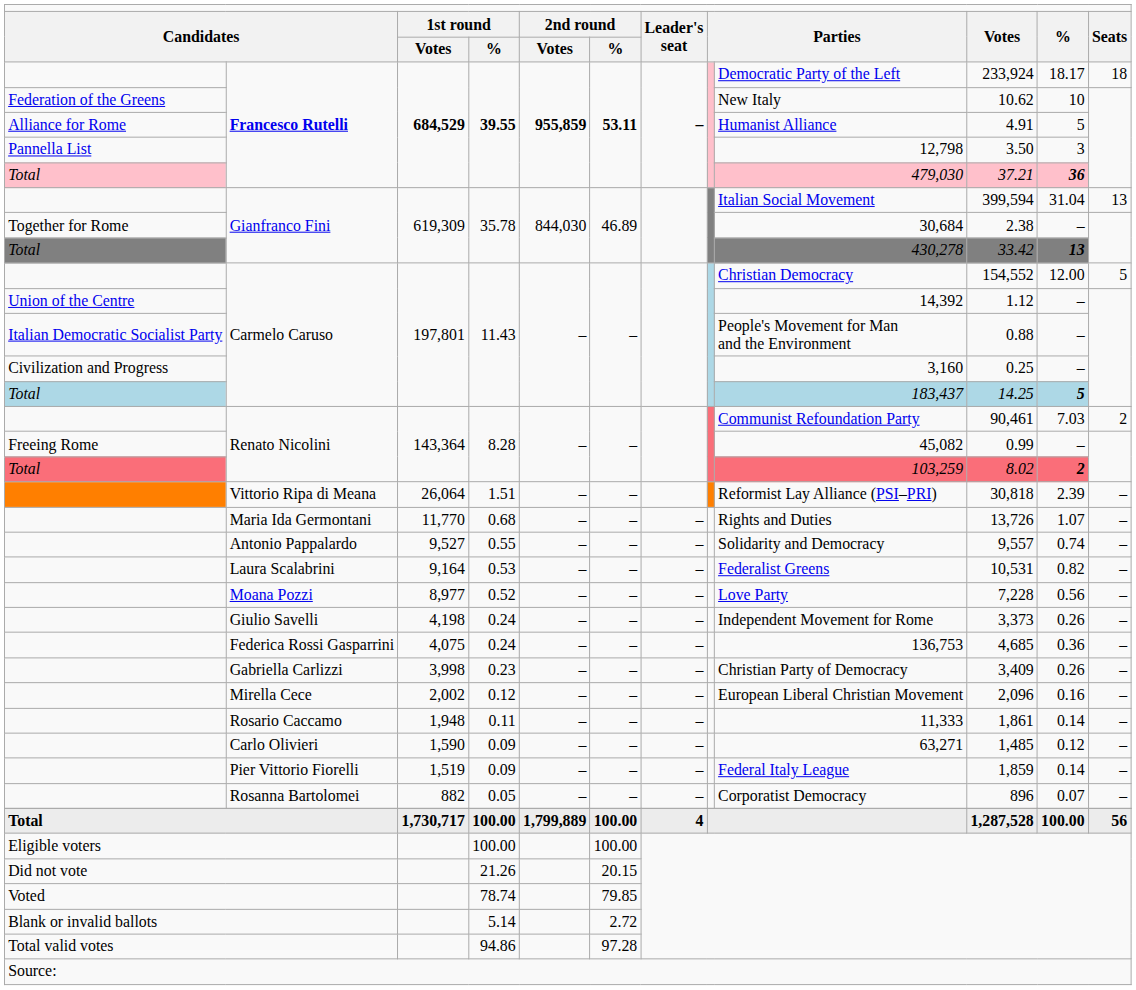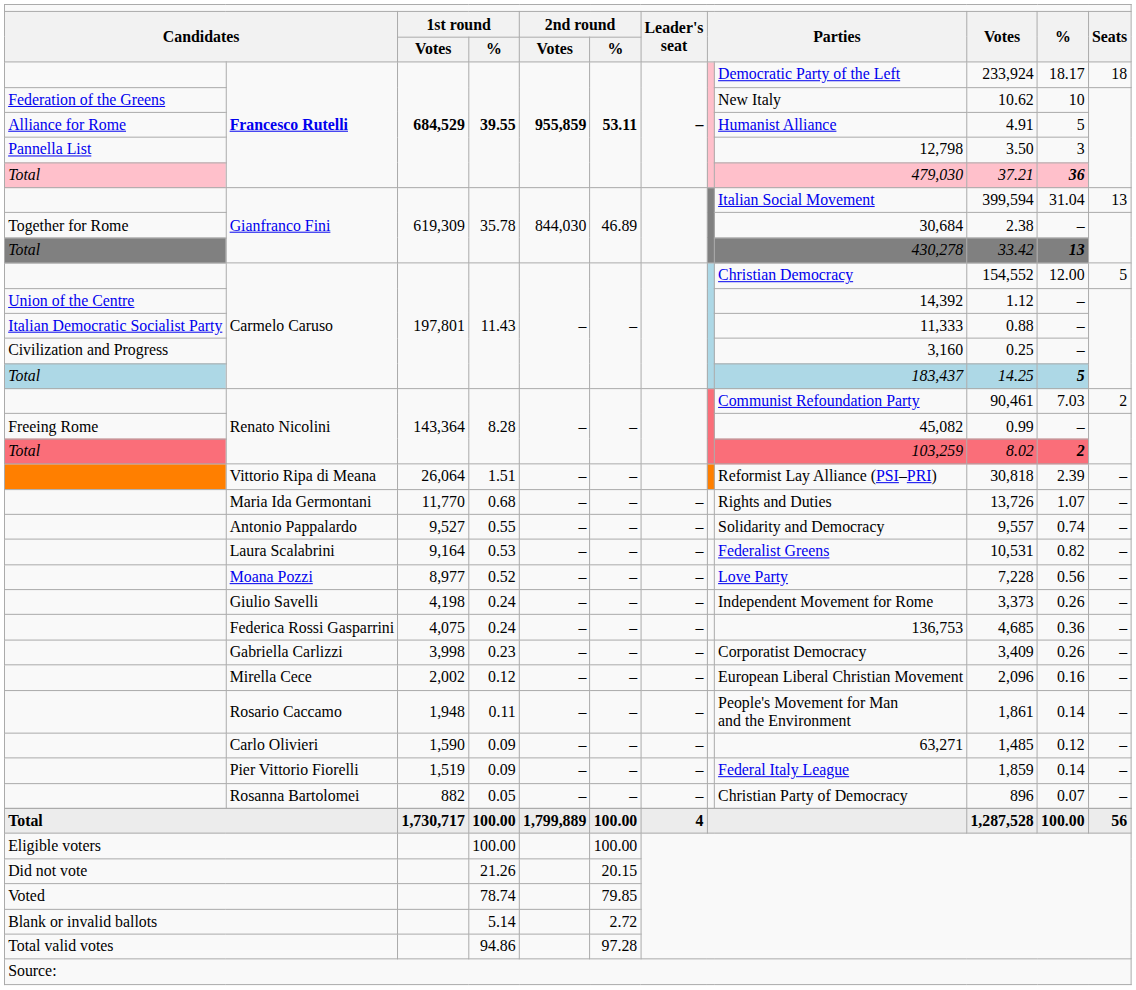 <table class="wikitable" style="text-align:left">
 <tr>
 <td colspan="12"></td>
 </tr>
 <tr>
 <th rowspan=2 colspan="2">Candidates</th>
 <th colspan=2>1st round</th>
 <th colspan=2>2nd round</th>
 <th rowspan=2>Leader's<br>seat</th>
 <th rowspan=2 colspan=2>Parties</th>
 <th rowspan=2>Votes</th>
 <th rowspan=2>%</th>
 <th rowspan=2>Seats</th>
 </tr>
 <tr>
 <th>Votes</th>
 <th>%</th>
 <th>Votes</th>
 <th>%</th>
 </tr>
 <tr>
 <td></td>
 <td rowspan=5><strong><a href='#'>Francesco Rutelli</a></strong></td>
 <td rowspan=5 align=right><strong>684,529</strong></td>
 <td rowspan=5 align=right><strong>39.55</strong></td>
 <td rowspan=5 align=right><strong>955,859</strong></td>
 <td rowspan=5 align=right><strong>53.11</strong></td>
 <td rowspan=5 align=right><strong>–</strong></td>
 <td rowspan=5 bgcolor="pink"></td>
 <td><a href='#'>Democratic Party of the Left</a></td>
 <td align=right>233,924</td>
 <td align=right>18.17</td>
 <td align=right>18</td>
 </tr>
 <tr>
 <td><a href='#'>Federation of the Greens</a></td>
 <td>New Italy</td>
 <td align=right>10.62</td>
 <td align=right>10</td>
 </tr>
 <tr>
 <td><a href='#'>Alliance for Rome</a></td>
 <td><a href='#'>Humanist Alliance</a></td>
 <td align=right>4.91</td>
 <td align=right>5</td>
 </tr>
 <tr>
 <td><a href='#'>Pannella List</a></td>
 <td align=right>12,798</td>
 <td align=right>3.50</td>
 <td align=right>3</td>
 </tr>
 <tr>
 <td bgcolor="pink"><em>Total</em></td>
 <td bgcolor="pink" align=right><em>479,030</em></td>
 <td bgcolor="pink" align=right><em>37.21</em></td>
 <td bgcolor="pink" align=right><strong><em>36</em></strong></td>
 </tr>
 <tr>
 <td></td>
 <td rowspan=3><a href='#'>Gianfranco Fini</a></td>
 <td rowspan=3 align=right>619,309</td>
 <td rowspan=3 align=right>35.78</td>
 <td rowspan=3 align=right>844,030</td>
 <td rowspan=3 align=right>46.89</td>
 <td rowspan=3 align=right></td>
 <td rowspan=3 bgcolor="grey"></td>
 <td><a href='#'>Italian Social Movement</a></td>
 <td align=right>399,594</td>
 <td align=right>31.04</td>
 <td align=right>13</td>
 </tr>
 <tr>
 <td>Together for Rome</td>
 <td align=right>30,684</td>
 <td align=right>2.38</td>
 <td align=right>–</td>
 </tr>
 <tr>
 <td bgcolor="grey"><em>Total</em></td>
 <td bgcolor="grey" align=right><em>430,278</em></td>
 <td bgcolor="grey" align=right><em>33.42</em></td>
 <td bgcolor="grey" align=right><strong><em>13</em></strong></td>
 </tr>
 <tr>
 <td></td>
 <td rowspan=5>Carmelo Caruso</td>
 <td rowspan=5 align=right>197,801</td>
 <td rowspan=5 align=right>11.43</td>
 <td rowspan=5 align=right>–</td>
 <td rowspan=5 align=right>–</td>
 <td rowspan=5 align=right></td>
 <td rowspan=5 bgcolor="lightblue"></td>
 <td><a href='#'>Christian Democracy</a></td>
 <td align=right>154,552</td>
 <td align=right>12.00</td>
 <td align=right>5</td>
 </tr>
 <tr>
 <td><a href='#'>Union of the Centre</a></td>
 <td align=right>14,392</td>
 <td align=right>1.12</td>
 <td align=right>–</td>
 </tr>
 <tr>
 <td><a href='#'>Italian Democratic Socialist Party</a></td>
-<td>People's Movement for Man <br>and the Environment</td>
+<td align=right>11,333</td>
 <td align=right>0.88</td>
 <td align=right>–</td>
 </tr>
 <tr>
 <td>Civilization and Progress</td>
 <td align=right>3,160</td>
 <td align=right>0.25</td>
 <td align=right>–</td>
 </tr>
 <tr>
 <td bgcolor="lightblue"><em>Total</em></td>
 <td bgcolor="lightblue" align=right><em>183,437</em></td>
 <td bgcolor="lightblue" align=right><em>14.25</em></td>
 <td bgcolor="lightblue" align=right><strong><em>5</em></strong></td>
 </tr>
 <tr>
 <td></td>
 <td rowspan=3>Renato Nicolini</td>
 <td rowspan=3 align=right>143,364</td>
 <td rowspan=3 align=right>8.28</td>
 <td rowspan=3 align=right>–</td>
 <td rowspan=3 align=right>–</td>
 <td rowspan=3 align=right></td>
 <td rowspan=3 bgcolor="#FA6E79"></td>
 <td><a href='#'>Communist Refoundation Party</a></td>
 <td align=right>90,461</td>
 <td align=right>7.03</td>
 <td align=right>2</td>
 </tr>
 <tr>
 <td>Freeing Rome</td>
 <td align=right>45,082</td>
 <td align=right>0.99</td>
 <td align=right>–</td>
 </tr>
 <tr>
 <td bgcolor="#FA6E79"><em>Total</em></td>
 <td bgcolor="#FA6E79" align=right><em>103,259</em></td>
 <td bgcolor="#FA6E79" align=right><em>8.02</em></td>
 <td bgcolor="#FA6E79" align=right><strong><em>2</em></strong></td>
 </tr>
 <tr>
 <td bgcolor="#FF7F00"></td>
 <td>Vittorio Ripa di Meana</td>
 <td align=right>26,064</td>
 <td align=right>1.51</td>
 <td align=right>–</td>
 <td align=right>–</td>
 <td align=right></td>
 <td bgcolor="#FF7F00"></td>
 <td>Reformist Lay Alliance (<a href='#'>PSI</a>–<a href='#'>PRI</a>)</td>
 <td align=right>30,818</td>
 <td align=right>2.39</td>
 <td align=right>–</td>
 </tr>
 <tr>
 <td></td>
 <td>Maria Ida Germontani</td>
 <td align=right>11,770</td>
 <td align=right>0.68</td>
 <td align=right>–</td>
 <td align=right>–</td>
 <td align=right>–</td>
 <td></td>
 <td>Rights and Duties</td>
 <td align=right>13,726</td>
 <td align=right>1.07</td>
 <td align=right>–</td>
 </tr>
 <tr>
 <td></td>
 <td>Antonio Pappalardo</td>
 <td align=right>9,527</td>
 <td align=right>0.55</td>
 <td align=right>–</td>
 <td align=right>–</td>
 <td align=right>–</td>
 <td></td>
 <td>Solidarity and Democracy</td>
 <td align=right>9,557</td>
 <td align=right>0.74</td>
 <td align=right>–</td>
 </tr>
 <tr>
 <td></td>
 <td>Laura Scalabrini</td>
 <td align=right>9,164</td>
 <td align=right>0.53</td>
 <td align=right>–</td>
 <td align=right>–</td>
 <td align=right>–</td>
 <td></td>
 <td><a href='#'>Federalist Greens</a></td>
 <td align=right>10,531</td>
 <td align=right>0.82</td>
 <td align=right>–</td>
 </tr>
 <tr>
 <td></td>
 <td><a href='#'>Moana Pozzi</a></td>
 <td align=right>8,977</td>
 <td align=right>0.52</td>
 <td align=right>–</td>
 <td align=right>–</td>
 <td align=right>–</td>
 <td></td>
 <td><a href='#'>Love Party</a></td>
 <td align=right>7,228</td>
 <td align=right>0.56</td>
 <td align=right>–</td>
 </tr>
 <tr>
 <td></td>
 <td>Giulio Savelli</td>
 <td align=right>4,198</td>
 <td align=right>0.24</td>
 <td align=right>–</td>
 <td align=right>–</td>
 <td align=right>–</td>
 <td></td>
 <td>Independent Movement for Rome</td>
 <td align=right>3,373</td>
 <td align=right>0.26</td>
 <td align=right>–</td>
 </tr>
 <tr>
 <td></td>
 <td>Federica Rossi Gasparrini</td>
 <td align=right>4,075</td>
 <td align=right>0.24</td>
 <td align=right>–</td>
 <td align=right>–</td>
 <td align=right>–</td>
 <td></td>
 <td align=right>136,753</td>
 <td align=right>4,685</td>
 <td align=right>0.36</td>
 <td align=right>–</td>
 </tr>
 <tr>
 <td></td>
 <td>Gabriella Carlizzi</td>
 <td align=right>3,998</td>
 <td align=right>0.23</td>
 <td align=right>–</td>
 <td align=right>–</td>
 <td align=right>–</td>
 <td></td>
-<td>Christian Party of Democracy</td>
+<td>Corporatist Democracy</td>
 <td align=right>3,409</td>
 <td align=right>0.26</td>
 <td align=right>–</td>
 </tr>
 <tr>
 <td></td>
 <td>Mirella Cece</td>
 <td align=right>2,002</td>
 <td align=right>0.12</td>
 <td align=right>–</td>
 <td align=right>–</td>
 <td align=right>–</td>
 <td></td>
 <td>European Liberal Christian Movement</td>
 <td align=right>2,096</td>
 <td align=right>0.16</td>
 <td align=right>–</td>
 </tr>
 <tr>
 <td></td>
 <td>Rosario Caccamo</td>
 <td align=right>1,948</td>
 <td align=right>0.11</td>
 <td align=right>–</td>
 <td align=right>–</td>
 <td align=right>–</td>
 <td></td>
-<td align=right>11,333</td>
+<td>People's Movement for Man <br>and the Environment</td>
 <td align=right>1,861</td>
 <td align=right>0.14</td>
 <td align=right>–</td>
 </tr>
 <tr>
 <td></td>
 <td>Carlo Olivieri</td>
 <td align=right>1,590</td>
 <td align=right>0.09</td>
 <td align=right>–</td>
 <td align=right>–</td>
 <td align=right>–</td>
 <td></td>
 <td align=right>63,271</td>
 <td align=right>1,485</td>
 <td align=right>0.12</td>
 <td align=right>–</td>
 </tr>
 <tr>
 <td></td>
 <td>Pier Vittorio Fiorelli</td>
 <td align=right>1,519</td>
 <td align=right>0.09</td>
 <td align=right>–</td>
 <td align=right>–</td>
 <td align=right>–</td>
 <td></td>
 <td><a href='#'>Federal Italy League</a></td>
 <td align=right>1,859</td>
 <td align=right>0.14</td>
 <td align=right>–</td>
 </tr>
 <tr>
 <td></td>
 <td>Rosanna Bartolomei</td>
 <td align=right>882</td>
 <td align=right>0.05</td>
 <td align=right>–</td>
 <td align=right>–</td>
 <td align=right>–</td>
 <td></td>
-<td>Corporatist Democracy</td>
+<td>Christian Party of Democracy</td>
 <td align=right>896</td>
 <td align=right>0.07</td>
 <td align=right>–</td>
 </tr>
 <tr>
 </tr>
 <tr bgcolor=ececec>
 <td colspan="2"><strong>Total</strong></td>
 <td align=right><strong>1,730,717</strong></td>
 <td align=right><strong>100.00</strong></td>
 <td align=right><strong>1,799,889</strong></td>
 <td align=right><strong>100.00</strong></td>
 <td align=right><strong>4</strong></td>
 <td align=right colspan=2></td>
 <td align=right><strong>1,287,528</strong></td>
 <td align=right><strong>100.00</strong></td>
 <td align=right><strong>56</strong></td>
 </tr>
 <tr>
 <td colspan=2>Eligible voters</td>
 <td style="text-align: right"></td>
 <td style="text-align: right">100.00</td>
 <td style="text-align: right"></td>
 <td style="text-align: right">100.00</td>
 <td rowspan=5 colspan=6></td>
 </tr>
 <tr>
 <td colspan=2>Did not vote</td>
 <td style="text-align: right"></td>
 <td style="text-align: right">21.26</td>
 <td style="text-align: right"></td>
 <td style="text-align: right">20.15</td>
 </tr>
 <tr>
 <td colspan=2>Voted</td>
 <td style="text-align: right"></td>
 <td style="text-align: right">78.74</td>
 <td style="text-align: right"></td>
 <td style="text-align: right">79.85</td>
 </tr>
 <tr>
 <td colspan=2>Blank or invalid ballots</td>
 <td style="text-align: right"></td>
 <td style="text-align: right">5.14</td>
 <td style="text-align: right"></td>
 <td style="text-align: right">2.72</td>
 </tr>
 <tr>
 <td colspan=2>Total valid votes</td>
 <td style="text-align: right"></td>
 <td style="text-align: right">94.86</td>
 <td style="text-align: right"></td>
 <td style="text-align: right">97.28</td>
 </tr>
 <tr>
 <td style="text-align:left;" colspan="12">Source: </td>
 </tr>
 </table>
